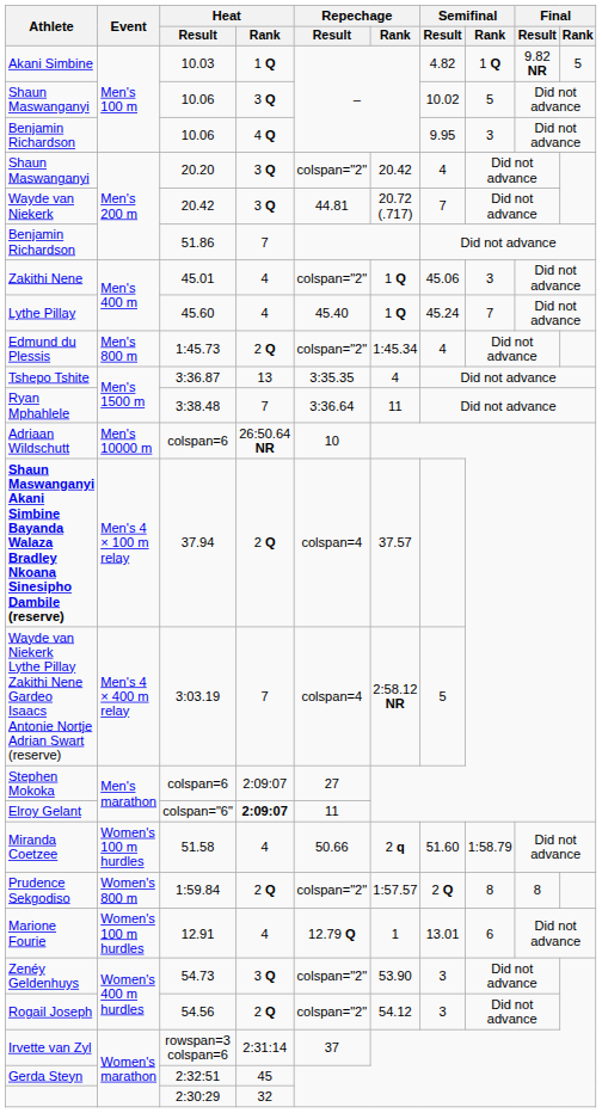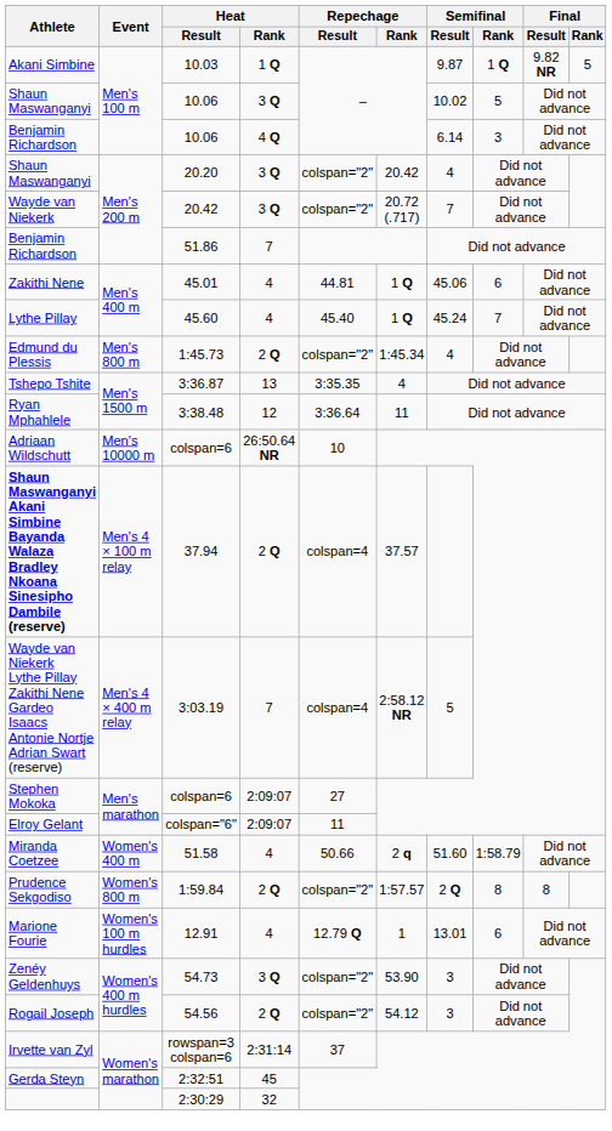 <table class="wikitable" style="font-size:90%">
 <tr>
 <th rowspan="2">Athlete</th>
 <th rowspan="2">Event</th>
 <th colspan="2">Heat</th>
 <th colspan="2">Repechage</th>
 <th colspan="2">Semifinal</th>
 <th colspan="2">Final</th>
 </tr>
 <tr style="font-size:95%">
 <th>Result</th>
 <th>Rank</th>
 <th>Result</th>
 <th>Rank</th>
 <th>Result</th>
 <th>Rank</th>
 <th>Result</th>
 <th>Rank</th>
 </tr>
 <tr align=center>
 <td align=left><a href='#'>Akani Simbine</a></td>
 <td rowspan=3 align=left><a href='#'>Men's 100 m</a></td>
 <td>10.03</td>
 <td>1 <strong>Q</strong></td>
 <td colspan="2" rowspan="3">–</td>
-<td>4.82</td>
+<td>9.87</td>
 <td>1 <strong>Q</strong></td>
 <td>9.82 <strong>NR</strong></td>
 <td>5</td>
 </tr>
 <tr align=center>
 <td align=left><a href='#'>Shaun Maswanganyi</a></td>
 <td>10.06</td>
 <td>3 <strong>Q</strong></td>
 <td>10.02</td>
 <td>5</td>
 <td colspan="2">Did not advance</td>
 </tr>
 <tr align=center>
 <td align=left><a href='#'>Benjamin Richardson</a></td>
 <td>10.06</td>
 <td>4 <strong>Q</strong></td>
-<td>9.95</td>
+<td>6.14</td>
 <td>3</td>
 <td colspan="2">Did not advance</td>
 </tr>
 <tr align=center>
 <td align=left><a href='#'>Shaun Maswanganyi</a></td>
 <td rowspan="3" align="left"><a href='#'>Men's 200 m</a></td>
 <td>20.20</td>
 <td>3 <strong>Q</strong></td>
 <td>colspan="2" </td>
 <td>20.42</td>
 <td>4</td>
 <td colspan="2">Did not advance</td>
 </tr>
 <tr align=center>
 <td align=left><a href='#'>Wayde van Niekerk</a></td>
 <td>20.42</td>
 <td>3 <strong>Q</strong></td>
-<td>44.81</td>
+<td>colspan="2" </td>
 <td>20.72 (.717)</td>
 <td>7</td>
 <td colspan="2">Did not advance</td>
 </tr>
 <tr align=center>
 <td align=left><a href='#'>Benjamin Richardson</a></td>
 <td>51.86</td>
 <td>7</td>
 <td colspan="2"></td>
 <td colspan="4">Did not advance</td>
 </tr>
 <tr align=center>
 <td align=left><a href='#'>Zakithi Nene</a></td>
 <td rowspan="2" align="left"><a href='#'>Men's 400 m</a></td>
 <td>45.01</td>
 <td>4</td>
-<td>colspan="2" </td>
+<td>44.81</td>
 <td>1 <strong>Q</strong></td>
 <td>45.06</td>
-<td>3</td>
+<td>6</td>
 <td colspan="2">Did not advance</td>
 </tr>
 <tr align=center>
 <td align=left><a href='#'>Lythe Pillay</a></td>
 <td>45.60</td>
 <td>4</td>
 <td>45.40</td>
 <td>1 <strong>Q</strong></td>
 <td>45.24</td>
 <td>7</td>
 <td colspan="2">Did not advance</td>
 </tr>
 <tr align=center>
 <td align=left><a href='#'>Edmund du Plessis</a></td>
 <td align=left><a href='#'>Men's 800 m</a></td>
 <td>1:45.73</td>
 <td>2 <strong>Q</strong></td>
 <td>colspan="2" </td>
 <td>1:45.34</td>
 <td>4</td>
 <td colspan="2">Did not advance</td>
 </tr>
 <tr align=center>
 <td align=left><a href='#'>Tshepo Tshite</a></td>
 <td rowspan=2 align=left><a href='#'>Men's 1500 m</a></td>
 <td>3:36.87</td>
 <td>13</td>
 <td>3:35.35</td>
 <td>4</td>
 <td colspan="4">Did not advance</td>
 </tr>
 <tr align=center>
 <td align=left><a href='#'>Ryan Mphahlele</a></td>
 <td>3:38.48</td>
-<td>7</td>
+<td>12</td>
 <td>3:36.64</td>
 <td>11</td>
 <td colspan="4">Did not advance</td>
 </tr>
 <tr align=center>
 <td align=left><a href='#'>Adriaan Wildschutt</a></td>
 <td align=left><a href='#'>Men's 10000 m</a></td>
 <td>colspan=6 </td>
 <td>26:50.64 <strong>NR</strong></td>
 <td>10</td>
 </tr>
 <tr align=center>
 <td align=left><strong><a href='#'>Shaun Maswanganyi</a><br><a href='#'>Akani Simbine</a><br><a href='#'>Bayanda Walaza</a><br><a href='#'>Bradley Nkoana</a><br><a href='#'>Sinesipho Dambile</a> (reserve)</strong></td>
 <td align=left><a href='#'>Men's 4 × 100 m relay</a></td>
 <td>37.94 <strong></strong></td>
 <td>2 <strong>Q</strong></td>
 <td>colspan=4 </td>
 <td>37.57</td>
 <td></td>
 </tr>
 <tr align=center>
 <td align=left><a href='#'>Wayde van Niekerk</a><br><a href='#'>Lythe Pillay</a><br><a href='#'>Zakithi Nene</a><br><a href='#'>Gardeo Isaacs</a><br><a href='#'>Antonie Nortje</a><br><a href='#'>Adrian Swart</a> (reserve)</td>
 <td align=left><a href='#'>Men's 4 × 400 m relay</a></td>
 <td>3:03.19</td>
 <td>7 <strong></strong></td>
 <td>colspan=4 </td>
 <td>2:58.12 <strong>NR</strong></td>
 <td>5</td>
 </tr>
 <tr align=center>
 <td align=left><a href='#'>Stephen Mokoka</a></td>
 <td rowspan="2" align="left"><a href='#'>Men's marathon</a></td>
 <td>colspan=6 </td>
 <td>2:09:07</td>
 <td>27</td>
 </tr>
 <tr align=center>
 <td align=left><a href='#'>Elroy Gelant</a></td>
 <td>colspan="6" </td>
-<td><strong>2:09:07</strong></td>
+<td>2:09:07</td>
 <td>11</td>
 </tr>
 <tr align=center>
 <td align=left><a href='#'>Miranda Coetzee</a></td>
-<td align=left><a href='#'>Women's 100 m hurdles</a></td>
+<td align=left><a href='#'>Women's 400 m</a></td>
 <td>51.58</td>
 <td>4</td>
 <td>50.66</td>
 <td>2 <strong>q</strong></td>
 <td>51.60</td>
 <td>1:58.79</td>
 <td colspan="2">Did not advance</td>
 </tr>
 <tr align=center>
 <td align=left><a href='#'>Prudence Sekgodiso</a></td>
 <td align=left><a href='#'>Women's 800 m</a></td>
 <td>1:59.84</td>
 <td>2 <strong>Q</strong></td>
 <td>colspan="2" </td>
 <td>1:57.57</td>
 <td>2 <strong>Q</strong></td>
 <td>8</td>
 <td>8</td>
 </tr>
 <tr align=center>
 <td align=left><a href='#'>Marione Fourie</a></td>
 <td align=left><a href='#'>Women's 100 m hurdles</a></td>
 <td>12.91</td>
 <td>4</td>
 <td>12.79 <strong>Q</strong></td>
 <td>1</td>
 <td>13.01</td>
 <td>6</td>
 <td colspan="2">Did not advance</td>
 </tr>
 <tr align=center>
 <td align=left><a href='#'>Zenéy Geldenhuys</a></td>
 <td align=left rowspan=2><a href='#'>Women's 400 m hurdles</a></td>
 <td>54.73</td>
 <td>3 <strong>Q</strong></td>
 <td>colspan="2" </td>
 <td>53.90</td>
 <td>3</td>
 <td colspan="2">Did not advance</td>
 </tr>
 <tr align=center>
 <td align=left><a href='#'>Rogail Joseph</a></td>
 <td>54.56</td>
 <td>2 <strong>Q</strong></td>
 <td>colspan="2" </td>
 <td>54.12</td>
 <td>3</td>
 <td colspan="2">Did not advance</td>
 </tr>
 <tr align=center>
 <td align=left><a href='#'>Irvette van Zyl</a></td>
 <td align=left rowspan=3><a href='#'>Women's marathon</a></td>
 <td>rowspan=3 colspan=6 </td>
 <td>2:31:14</td>
 <td>37</td>
 </tr>
 <tr align=center>
 <td align=left><a href='#'>Gerda Steyn</a></td>
 <td>2:32:51</td>
 <td>45</td>
 </tr>
 <tr align=center>
 <td align=left></td>
 <td>2:30:29</td>
 <td>32</td>
 </tr>
 </table>
